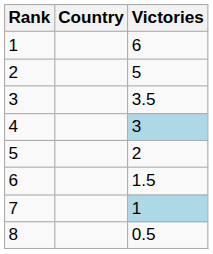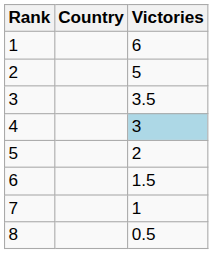 <table class="wikitable">
 <tr class="hintergrundfarbe5">
 <th>Rank</th>
 <th>Country</th>
 <th>Victories</th>
 </tr>
 <tr>
 <td>1</td>
 <td></td>
 <td>6</td>
 </tr>
 <tr>
 <td>2</td>
 <td></td>
 <td>5</td>
 </tr>
 <tr>
 <td>3</td>
 <td></td>
 <td>3.5</td>
 </tr>
 <tr>
 <td>4</td>
 <td></td>
 <td style="background: lightblue;">3</td>
 </tr>
 <tr>
 <td>5</td>
 <td></td>
 <td>2</td>
 </tr>
 <tr>
 <td>6</td>
 <td></td>
 <td>1.5</td>
 </tr>
 <tr>
 <td>7</td>
 <td></td>
-<td style="background: lightblue;">1</td>
+<td>1</td>
 </tr>
 <tr>
 <td rowspan="2">8</td>
 <td><br></td>
 <td rowspan="2">0.5</td>
 </tr>
 </table>
